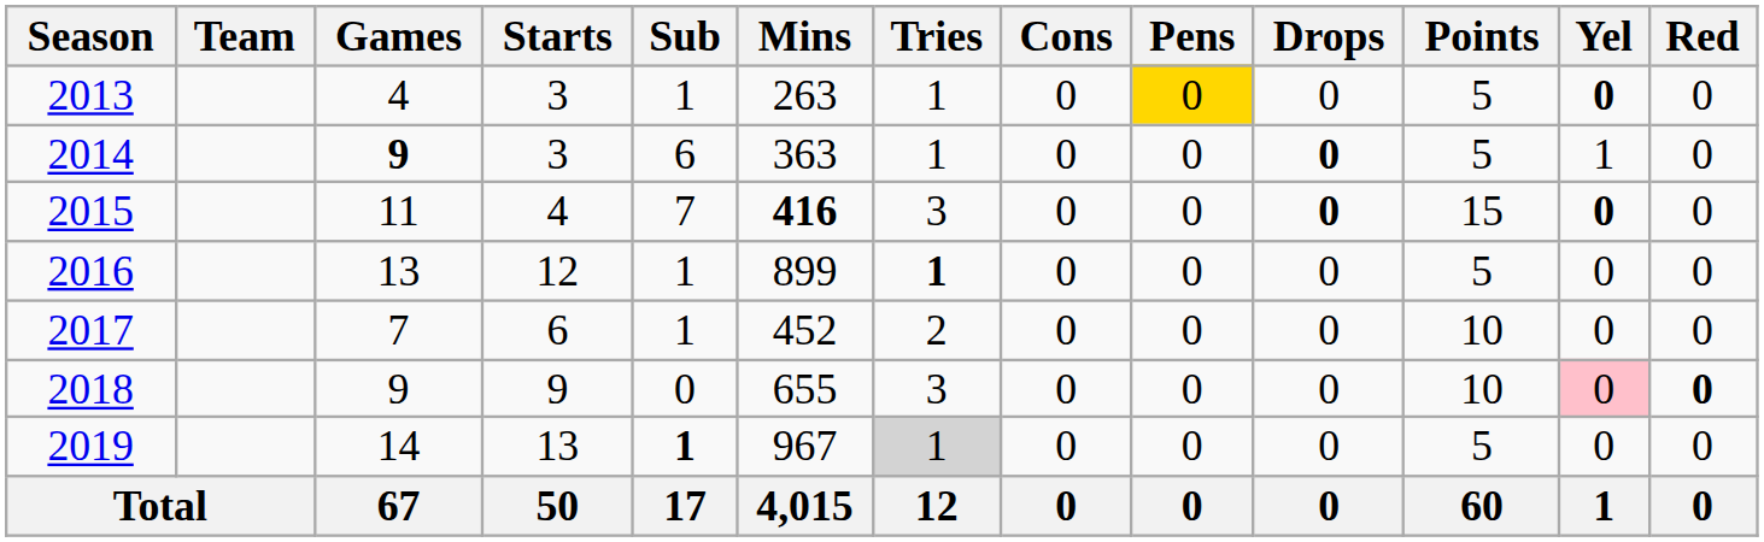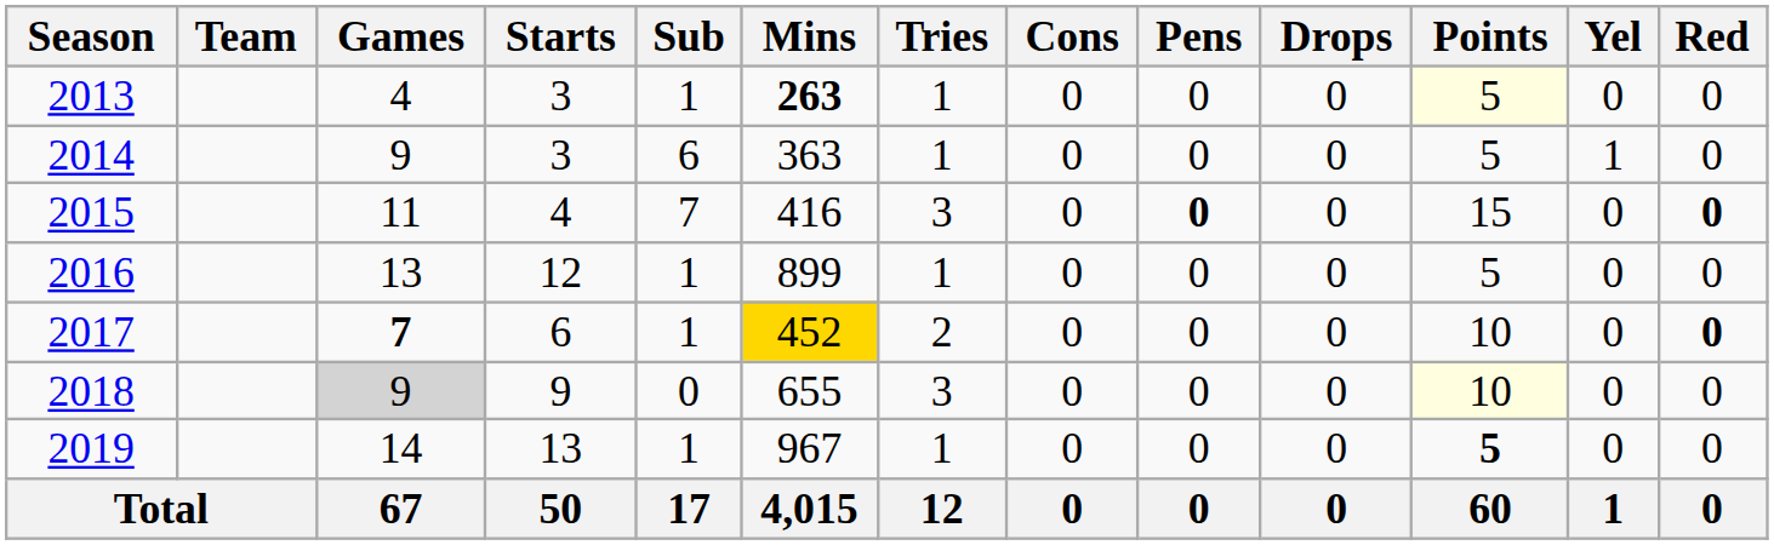 <table class="wikitable" style="text-align:center; line-height:90%; font-size:95%; width:70%;">
 <tr>
 <th>Season</th>
 <th>Team</th>
 <th>Games</th>
 <th>Starts</th>
 <th>Sub</th>
 <th>Mins</th>
 <th>Tries</th>
 <th>Cons</th>
 <th>Pens</th>
 <th>Drops</th>
 <th>Points</th>
 <th>Yel</th>
 <th>Red</th>
 </tr>
 <tr>
 <td><a href='#'>2013</a></td>
 <td></td>
 <td>4</td>
 <td>3</td>
 <td>1</td>
-<td>263</td>
+<td><strong>263</strong></td>
 <td>1</td>
 <td>0</td>
-<td style="background: gold;">0</td>
 <td>0</td>
-<td>5</td>
-<td><strong>0</strong></td>
+<td>0</td>
+<td style="background: lightyellow;">5</td>
+<td>0</td>
 <td>0</td>
 </tr>
 <tr>
 <td><a href='#'>2014</a></td>
 <td></td>
-<td><strong>9</strong></td>
+<td>9</td>
 <td>3</td>
 <td>6</td>
 <td>363</td>
 <td>1</td>
 <td>0</td>
 <td>0</td>
-<td><strong>0</strong></td>
+<td>0</td>
 <td>5</td>
 <td>1</td>
 <td>0</td>
 </tr>
 <tr>
 <td><a href='#'>2015</a></td>
 <td></td>
 <td>11</td>
 <td>4</td>
 <td>7</td>
-<td><strong>416</strong></td>
+<td>416</td>
 <td>3</td>
 <td>0</td>
+<td><strong>0</strong></td>
+<td>0</td>
+<td>15</td>
 <td>0</td>
 <td><strong>0</strong></td>
-<td>15</td>
-<td><strong>0</strong></td>
-<td>0</td>
 </tr>
 <tr>
 <td><a href='#'>2016</a></td>
 <td></td>
 <td>13</td>
 <td>12</td>
 <td>1</td>
 <td>899</td>
-<td><strong>1</strong></td>
+<td>1</td>
 <td>0</td>
 <td>0</td>
 <td>0</td>
 <td>5</td>
 <td>0</td>
 <td>0</td>
 </tr>
 <tr>
 <td><a href='#'>2017</a></td>
 <td></td>
-<td>7</td>
+<td><strong>7</strong></td>
 <td>6</td>
 <td>1</td>
-<td>452</td>
+<td style="background: gold;">452</td>
 <td>2</td>
 <td>0</td>
 <td>0</td>
 <td>0</td>
 <td>10</td>
 <td>0</td>
-<td>0</td>
+<td><strong>0</strong></td>
 </tr>
 <tr>
 <td><a href='#'>2018</a></td>
 <td></td>
-<td>9</td>
+<td style="background: lightgrey;">9</td>
 <td>9</td>
 <td>0</td>
 <td>655</td>
 <td>3</td>
 <td>0</td>
 <td>0</td>
 <td>0</td>
-<td>10</td>
-<td style="background: pink;">0</td>
-<td><strong>0</strong></td>
+<td style="background: lightyellow;">10</td>
+<td>0</td>
+<td>0</td>
 </tr>
 <tr>
 <td><a href='#'>2019</a></td>
 <td></td>
 <td>14</td>
 <td>13</td>
-<td><strong>1</strong></td>
+<td>1</td>
 <td>967</td>
-<td style="background: lightgrey;">1</td>
+<td>1</td>
 <td>0</td>
 <td>0</td>
 <td>0</td>
-<td>5</td>
+<td><strong>5</strong></td>
 <td>0</td>
 <td>0</td>
 </tr>
 <tr>
 <th colspan="2">Total</th>
 <th>67</th>
 <th>50</th>
 <th>17</th>
 <th>4,015</th>
 <th>12</th>
 <th>0</th>
 <th>0</th>
 <th>0</th>
 <th>60</th>
 <th>1</th>
 <th>0</th>
 </tr>
 </table>
